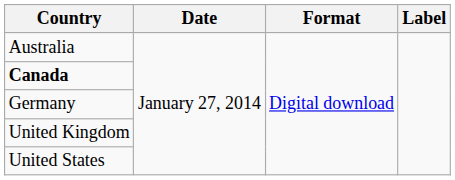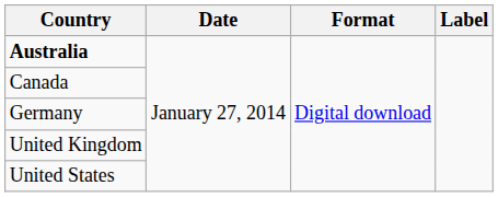 <table class="wikitable plainrowheaders">
 <tr>
 <th scope="col">Country</th>
 <th scope="col">Date</th>
 <th scope="col">Format</th>
 <th scope="col">Label</th>
 </tr>
 <tr>
-<td scope="row">Australia</td>
+<td scope="row"><strong>Australia</strong></td>
 <td rowspan="5">January 27, 2014</td>
 <td rowspan="5"><a href='#'>Digital download</a></td>
 <td rowspan="5"></td>
 </tr>
 <tr>
-<td scope="row"><strong>Canada</strong></td>
+<td scope="row">Canada</td>
 </tr>
 <tr>
 <td scope="row">Germany</td>
 </tr>
 <tr>
 <td scope="row">United Kingdom</td>
 </tr>
 <tr>
 <td scope="row">United States</td>
 </tr>
 </table>
